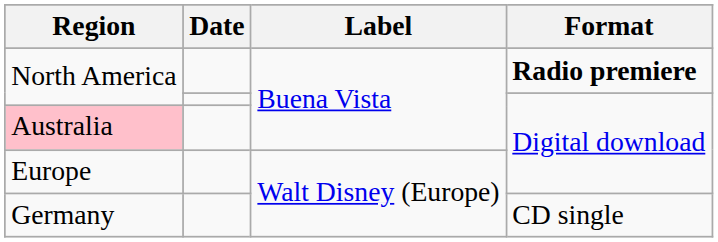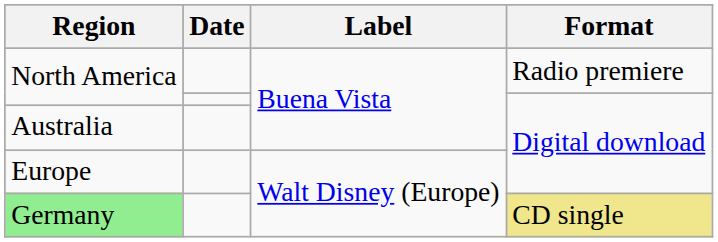 <table class="wikitable">
 <tr>
 <th>Region</th>
 <th>Date</th>
 <th>Label</th>
 <th>Format</th>
 </tr>
 <tr>
 <td rowspan=2>North America</td>
 <td></td>
 <td rowspan=3><a href='#'>Buena Vista</a></td>
-<td><strong>Radio premiere</strong></td>
+<td>Radio premiere</td>
 </tr>
 <tr>
 <td></td>
 <td rowspan=3><a href='#'>Digital download</a></td>
 </tr>
 <tr>
-<td style="background: pink;">Australia</td>
+<td>Australia</td>
 <td></td>
 </tr>
 <tr>
 <td>Europe</td>
 <td></td>
 <td rowspan=2><a href='#'>Walt Disney</a> (Europe)</td>
 </tr>
 <tr>
-<td>Germany</td>
+<td style="background: lightgreen;">Germany</td>
 <td></td>
-<td>CD single</td>
+<td style="background: khaki;">CD single</td>
 </tr>
 </table>
